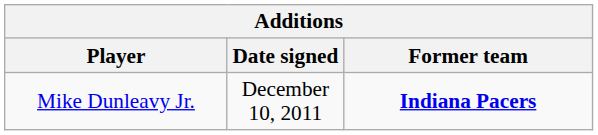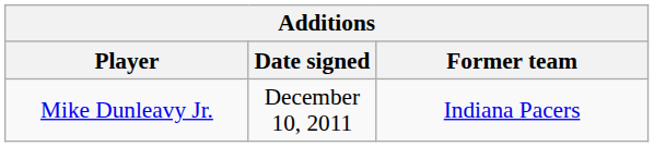 <table class="wikitable" style="text-align:center">
 <tr>
 <th colspan=3>Additions</th>
 </tr>
 <tr>
 <th style="width:160px">Player</th>
 <th style="width:80px">Date signed</th>
 <th style="width:180px">Former team</th>
 </tr>
 <tr>
 <td><a href='#'>Mike Dunleavy Jr.</a></td>
 <td>December 10, 2011</td>
-<td><strong><a href='#'>Indiana Pacers</a></strong></td>
+<td><a href='#'>Indiana Pacers</a></td>
 </tr>
 </table>
